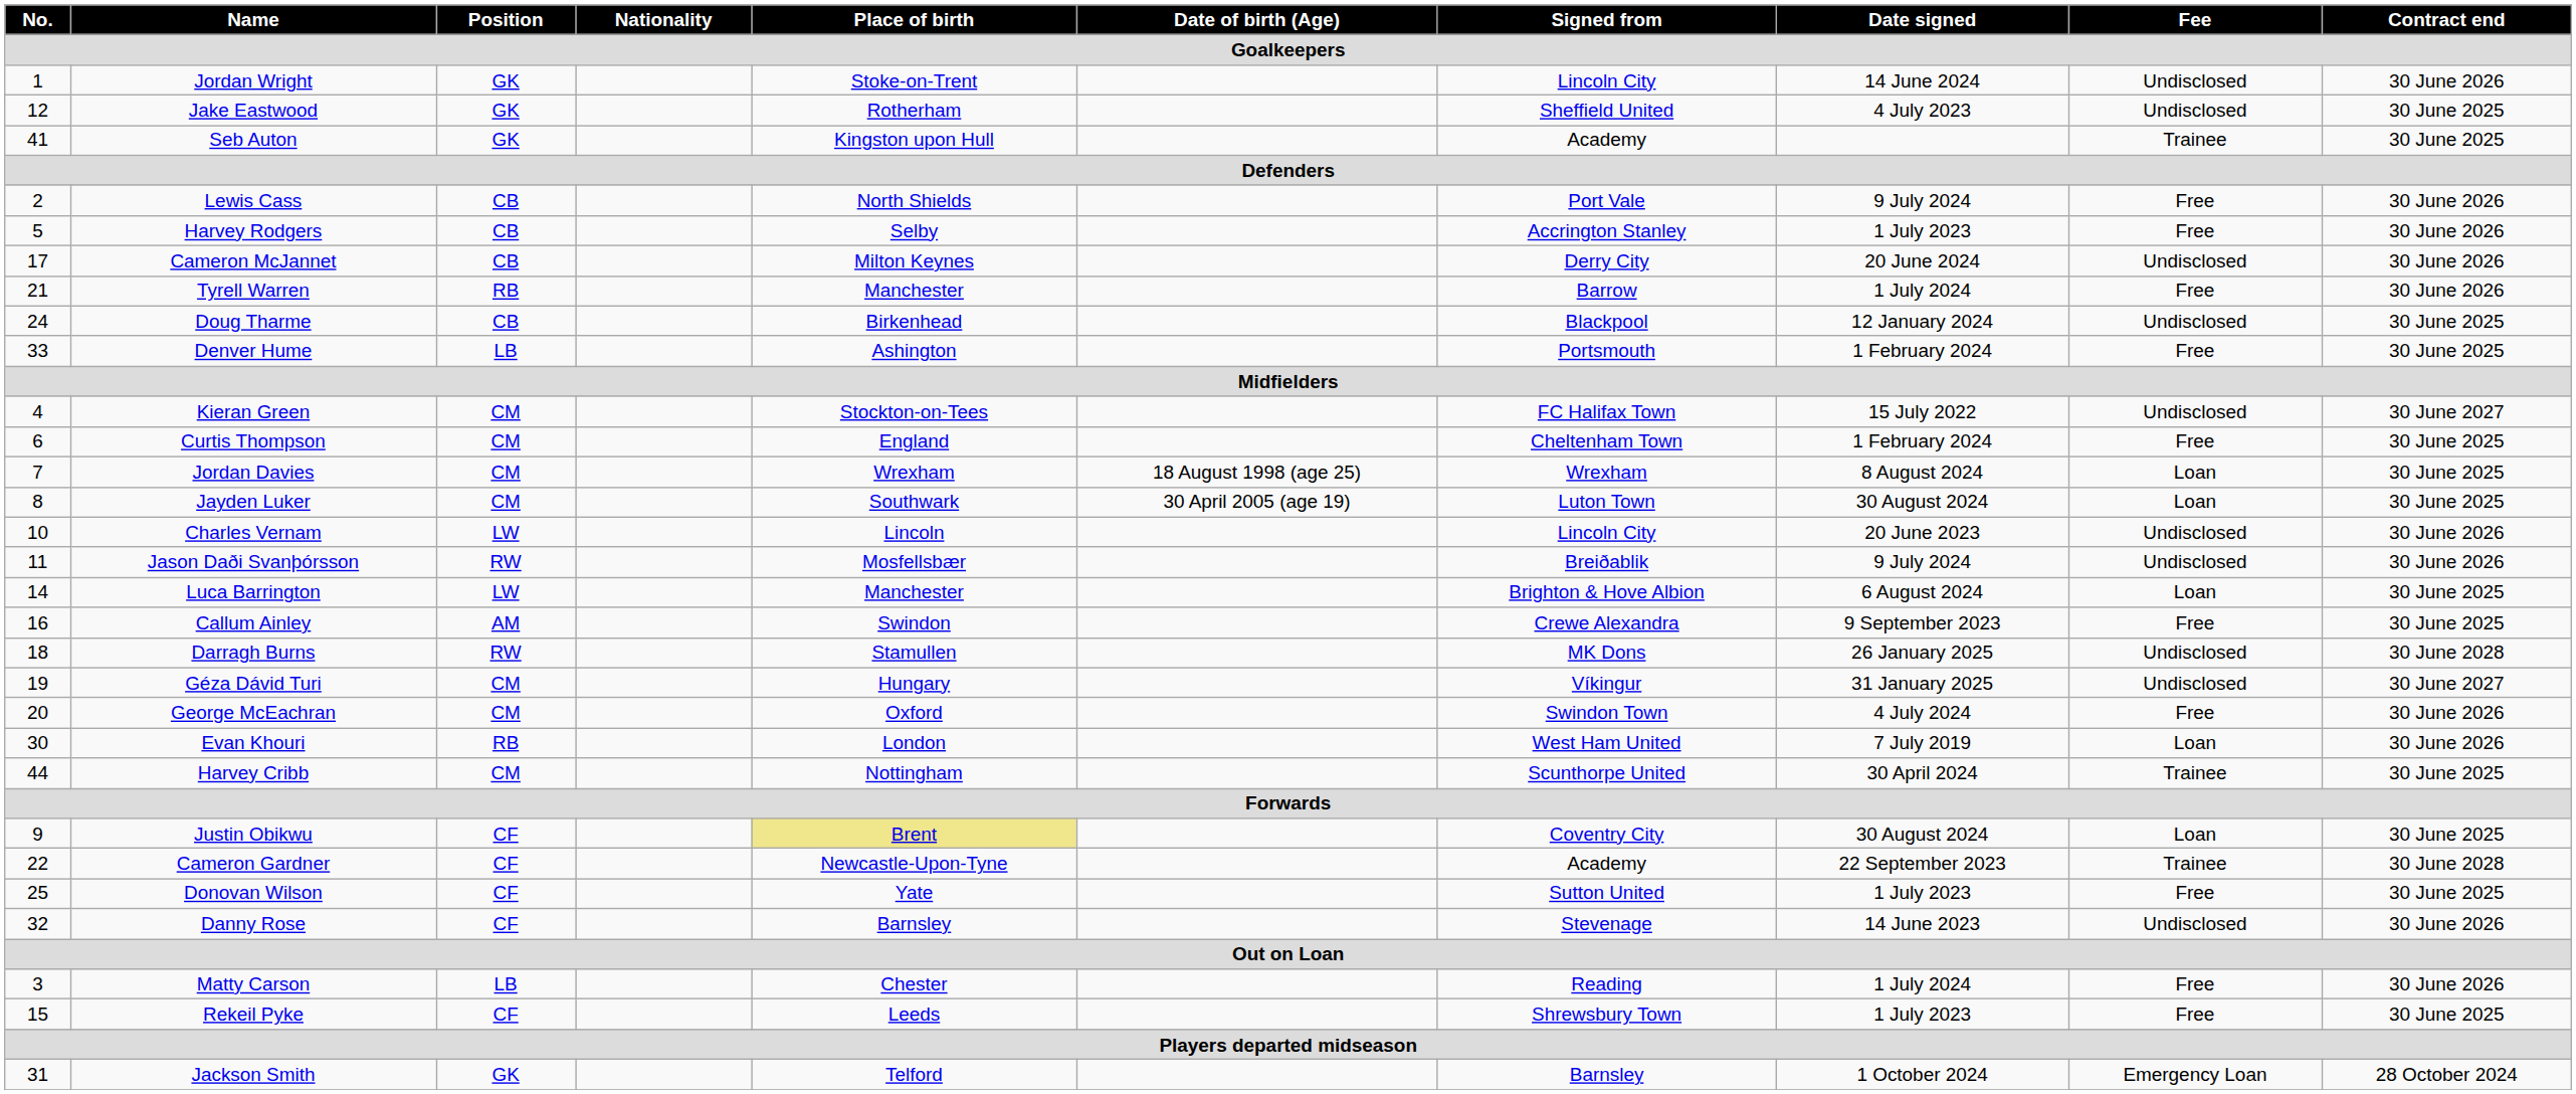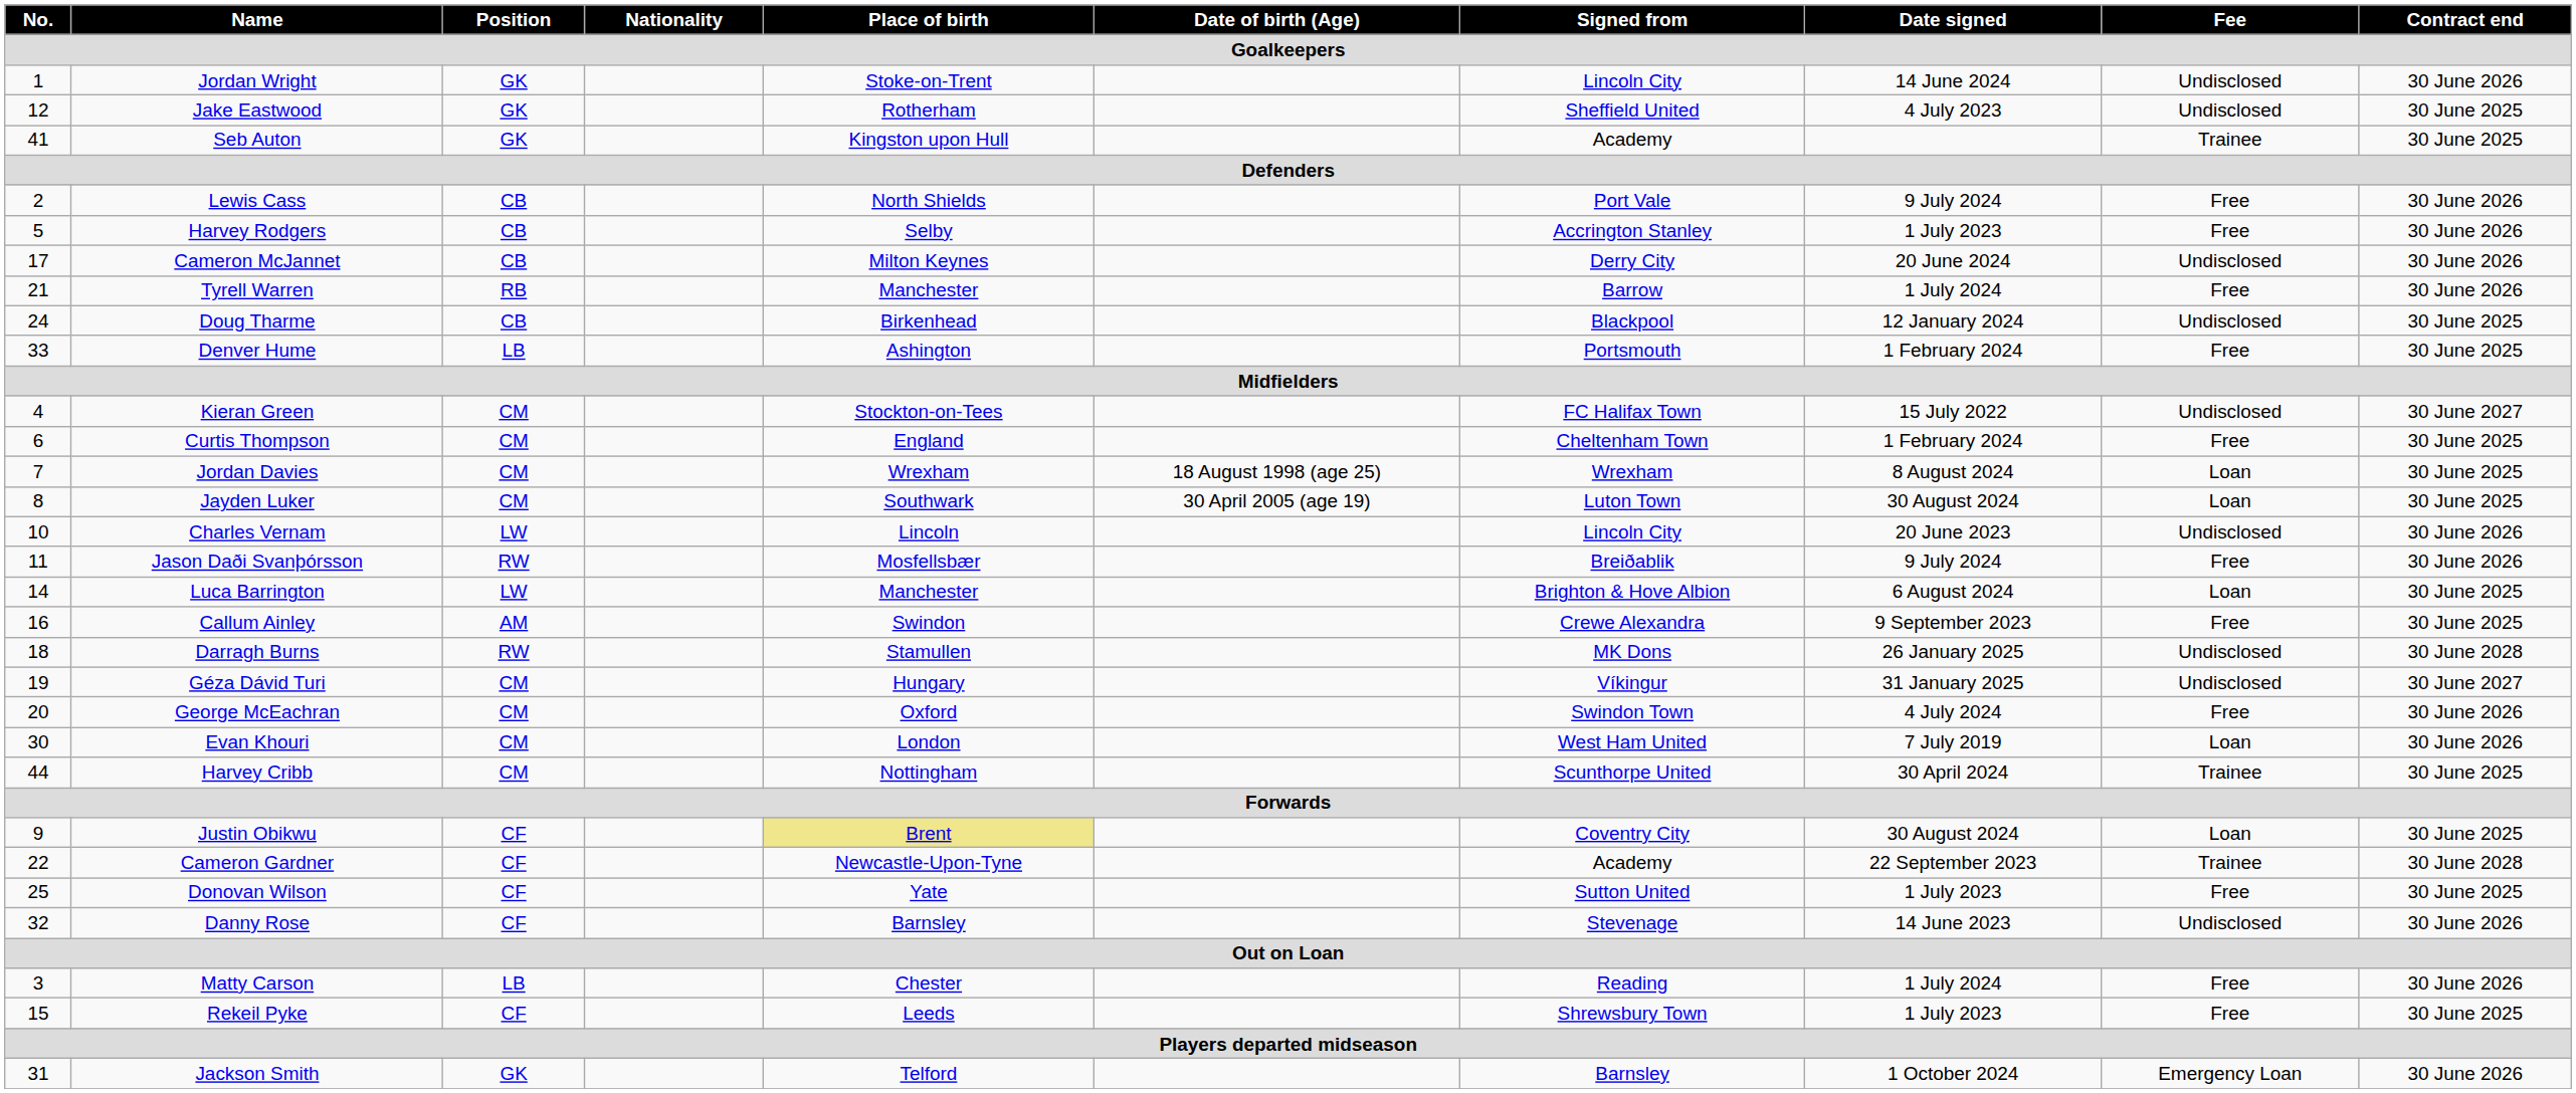 <table class="wikitable" style="text-align:center; font-size:84.5%; width:92%;">
 <tr>
 <th style="background:black; color:#FFFFFF;">No.</th>
 <th style="background:black; color:#FFFFFF;">Name</th>
 <th style="background:black; color:#FFFFFF;">Position</th>
 <th style="background:black; color:#FFFFFF;">Nationality</th>
 <th style="background:black; color:#FFFFFF;">Place of birth</th>
 <th style="background:black; color:#FFFFFF;">Date of birth (Age)</th>
 <th style="background:black; color:#FFFFFF;">Signed from</th>
 <th style="background:black; color:#FFFFFF;">Date signed</th>
 <th style="background:black; color:#FFFFFF;">Fee</th>
 <th style="background:black; color:#FFFFFF;">Contract end</th>
 </tr>
 <tr>
 <th colspan="14" style="background:#dcdcdc; tepxt-align:center;">Goalkeepers</th>
 </tr>
 <tr>
 <td>1</td>
 <td><a href='#'>Jordan Wright</a></td>
 <td><a href='#'>GK</a></td>
 <td></td>
 <td><a href='#'>Stoke-on-Trent</a></td>
 <td></td>
 <td><a href='#'>Lincoln City</a></td>
 <td>14 June 2024</td>
 <td>Undisclosed</td>
 <td>30 June 2026</td>
 </tr>
 <tr>
 <td>12</td>
 <td><a href='#'>Jake Eastwood</a></td>
 <td><a href='#'>GK</a></td>
 <td></td>
 <td><a href='#'>Rotherham</a></td>
 <td></td>
 <td><a href='#'>Sheffield United</a></td>
 <td>4 July 2023</td>
 <td>Undisclosed</td>
 <td>30 June 2025</td>
 </tr>
 <tr>
 <td>41</td>
 <td><a href='#'>Seb Auton</a></td>
 <td><a href='#'>GK</a></td>
 <td></td>
 <td><a href='#'>Kingston upon Hull</a></td>
 <td></td>
 <td>Academy</td>
 <td></td>
 <td>Trainee</td>
 <td>30 June 2025</td>
 </tr>
 <tr>
 <th colspan="14" style="background:#dcdcdc; tepxt-align:center;">Defenders</th>
 </tr>
 <tr>
 <td>2</td>
 <td><a href='#'>Lewis Cass</a></td>
 <td><a href='#'>CB</a></td>
 <td></td>
 <td><a href='#'>North Shields</a></td>
 <td></td>
 <td><a href='#'>Port Vale</a></td>
 <td>9 July 2024</td>
 <td>Free</td>
 <td>30 June 2026</td>
 </tr>
 <tr>
 <td>5</td>
 <td><a href='#'>Harvey Rodgers</a></td>
 <td><a href='#'>CB</a></td>
 <td></td>
 <td><a href='#'>Selby</a></td>
 <td></td>
 <td><a href='#'>Accrington Stanley</a></td>
 <td>1 July 2023</td>
 <td>Free</td>
 <td>30 June 2026</td>
 </tr>
 <tr>
 <td>17</td>
 <td><a href='#'>Cameron McJannet</a></td>
 <td><a href='#'>CB</a></td>
 <td></td>
 <td><a href='#'>Milton Keynes</a></td>
 <td></td>
 <td><a href='#'>Derry City</a></td>
 <td>20 June 2024</td>
 <td>Undisclosed</td>
 <td>30 June 2026</td>
 </tr>
 <tr>
 <td>21</td>
 <td><a href='#'>Tyrell Warren</a></td>
 <td><a href='#'>RB</a></td>
 <td></td>
 <td><a href='#'>Manchester</a></td>
 <td></td>
 <td><a href='#'>Barrow</a></td>
 <td>1 July 2024</td>
 <td>Free</td>
 <td>30 June 2026</td>
 </tr>
 <tr>
 <td>24</td>
 <td><a href='#'>Doug Tharme</a></td>
 <td><a href='#'>CB</a></td>
 <td></td>
 <td><a href='#'>Birkenhead</a></td>
 <td></td>
 <td><a href='#'>Blackpool</a></td>
 <td>12 January 2024</td>
 <td>Undisclosed</td>
 <td>30 June 2025</td>
 </tr>
 <tr>
 <td>33</td>
 <td><a href='#'>Denver Hume</a></td>
 <td><a href='#'>LB</a></td>
 <td></td>
 <td><a href='#'>Ashington</a></td>
 <td></td>
 <td><a href='#'>Portsmouth</a></td>
 <td>1 February 2024</td>
 <td>Free</td>
 <td>30 June 2025</td>
 </tr>
 <tr>
 <th colspan="14" style="background:#dcdcdc; tepxt-align:center;">Midfielders</th>
 </tr>
 <tr>
 <td>4</td>
 <td><a href='#'>Kieran Green</a></td>
 <td><a href='#'>CM</a></td>
 <td></td>
 <td><a href='#'>Stockton-on-Tees</a></td>
 <td></td>
 <td><a href='#'>FC Halifax Town</a></td>
 <td>15 July 2022</td>
 <td>Undisclosed</td>
 <td>30 June 2027</td>
 </tr>
 <tr>
 <td>6</td>
 <td><a href='#'>Curtis Thompson</a></td>
 <td><a href='#'>CM</a></td>
 <td></td>
 <td><a href='#'>England</a></td>
 <td></td>
 <td><a href='#'>Cheltenham Town</a></td>
 <td>1 February 2024</td>
 <td>Free</td>
 <td>30 June 2025</td>
 </tr>
 <tr>
 <td>7</td>
 <td><a href='#'>Jordan Davies</a></td>
 <td><a href='#'>CM</a></td>
 <td></td>
 <td><a href='#'>Wrexham</a></td>
 <td>18 August 1998 (age 25)</td>
 <td><a href='#'>Wrexham</a></td>
 <td>8 August 2024</td>
 <td>Loan</td>
 <td>30 June 2025</td>
 </tr>
 <tr>
 <td>8</td>
 <td><a href='#'>Jayden Luker</a></td>
 <td><a href='#'>CM</a></td>
 <td></td>
 <td><a href='#'>Southwark</a></td>
 <td>30 April 2005 (age 19)</td>
 <td><a href='#'>Luton Town</a></td>
 <td>30 August 2024</td>
 <td>Loan</td>
 <td>30 June 2025</td>
 </tr>
 <tr>
 <td>10</td>
 <td><a href='#'>Charles Vernam</a></td>
 <td><a href='#'>LW</a></td>
 <td></td>
 <td><a href='#'>Lincoln</a></td>
 <td></td>
 <td><a href='#'>Lincoln City</a></td>
 <td>20 June 2023</td>
 <td>Undisclosed</td>
 <td>30 June 2026</td>
 </tr>
 <tr>
 <td>11</td>
 <td><a href='#'>Jason Daði Svanþórsson</a></td>
 <td><a href='#'>RW</a></td>
 <td></td>
 <td><a href='#'>Mosfellsbær</a></td>
 <td></td>
 <td><a href='#'>Breiðablik</a></td>
 <td>9 July 2024</td>
-<td>Undisclosed</td>
+<td>Free</td>
 <td>30 June 2026</td>
 </tr>
 <tr>
 <td>14</td>
 <td><a href='#'>Luca Barrington</a></td>
 <td><a href='#'>LW</a></td>
 <td></td>
 <td><a href='#'>Manchester</a></td>
 <td></td>
 <td><a href='#'>Brighton & Hove Albion</a></td>
 <td>6 August 2024</td>
 <td>Loan</td>
 <td>30 June 2025</td>
 </tr>
 <tr>
 <td>16</td>
 <td><a href='#'>Callum Ainley</a></td>
 <td><a href='#'>AM</a></td>
 <td></td>
 <td><a href='#'>Swindon</a></td>
 <td></td>
 <td><a href='#'>Crewe Alexandra</a></td>
 <td>9 September 2023</td>
 <td>Free</td>
 <td>30 June 2025</td>
 </tr>
 <tr>
 <td>18</td>
 <td><a href='#'>Darragh Burns</a></td>
 <td><a href='#'>RW</a></td>
 <td></td>
 <td><a href='#'>Stamullen</a></td>
 <td></td>
 <td><a href='#'>MK Dons</a></td>
 <td>26 January 2025</td>
 <td>Undisclosed</td>
 <td>30 June 2028</td>
 </tr>
 <tr>
 <td>19</td>
 <td><a href='#'>Géza Dávid Turi</a></td>
 <td><a href='#'>CM</a></td>
 <td></td>
 <td><a href='#'>Hungary</a></td>
 <td></td>
 <td><a href='#'>Víkingur</a></td>
 <td>31 January 2025</td>
 <td>Undisclosed</td>
 <td>30 June 2027</td>
 </tr>
 <tr>
 <td>20</td>
 <td><a href='#'>George McEachran</a></td>
 <td><a href='#'>CM</a></td>
 <td></td>
 <td><a href='#'>Oxford</a></td>
 <td></td>
 <td><a href='#'>Swindon Town</a></td>
 <td>4 July 2024</td>
 <td>Free</td>
 <td>30 June 2026</td>
 </tr>
 <tr>
 <td>30</td>
 <td><a href='#'>Evan Khouri</a></td>
-<td><a href='#'>RB</a></td>
+<td><a href='#'>CM</a></td>
 <td></td>
 <td><a href='#'>London</a></td>
 <td></td>
 <td><a href='#'>West Ham United</a></td>
 <td>7 July 2019</td>
 <td>Loan</td>
 <td>30 June 2026</td>
 </tr>
 <tr>
 <td>44</td>
 <td><a href='#'>Harvey Cribb</a></td>
 <td><a href='#'>CM</a></td>
 <td></td>
 <td><a href='#'>Nottingham</a></td>
 <td></td>
 <td><a href='#'>Scunthorpe United</a></td>
 <td>30 April 2024</td>
 <td>Trainee</td>
 <td>30 June 2025</td>
 </tr>
 <tr>
 <th colspan="14" style="background:#dcdcdc; tepxt-align:center;">Forwards</th>
 </tr>
 <tr>
 <td>9</td>
 <td><a href='#'>Justin Obikwu</a></td>
 <td><a href='#'>CF</a></td>
 <td></td>
 <td style="background: khaki;"><a href='#'>Brent</a></td>
 <td></td>
 <td><a href='#'>Coventry City</a></td>
 <td>30 August 2024</td>
 <td>Loan</td>
 <td>30 June 2025</td>
 </tr>
 <tr>
 <td>22</td>
 <td><a href='#'>Cameron Gardner</a></td>
 <td><a href='#'>CF</a></td>
 <td></td>
 <td><a href='#'>Newcastle-Upon-Tyne</a></td>
 <td></td>
 <td>Academy</td>
 <td>22 September 2023</td>
 <td>Trainee</td>
 <td>30 June 2028</td>
 </tr>
 <tr>
 <td>25</td>
 <td><a href='#'>Donovan Wilson</a></td>
 <td><a href='#'>CF</a></td>
 <td></td>
 <td><a href='#'>Yate</a></td>
 <td></td>
 <td><a href='#'>Sutton United</a></td>
 <td>1 July 2023</td>
 <td>Free</td>
 <td>30 June 2025</td>
 </tr>
 <tr>
 <td>32</td>
 <td><a href='#'>Danny Rose</a></td>
 <td><a href='#'>CF</a></td>
 <td></td>
 <td><a href='#'>Barnsley</a></td>
 <td></td>
 <td><a href='#'>Stevenage</a></td>
 <td>14 June 2023</td>
 <td>Undisclosed</td>
 <td>30 June 2026</td>
 </tr>
 <tr>
 <th colspan="14" style="background:#dcdcdc; tepxt-align:center;">Out on Loan</th>
 </tr>
 <tr>
 <td>3</td>
 <td><a href='#'>Matty Carson</a></td>
 <td><a href='#'>LB</a></td>
 <td></td>
 <td><a href='#'>Chester</a></td>
 <td></td>
 <td><a href='#'>Reading</a></td>
 <td>1 July 2024</td>
 <td>Free</td>
 <td>30 June 2026</td>
 </tr>
 <tr>
 <td>15</td>
 <td><a href='#'>Rekeil Pyke</a></td>
 <td><a href='#'>CF</a></td>
 <td></td>
 <td><a href='#'>Leeds</a></td>
 <td></td>
 <td><a href='#'>Shrewsbury Town</a></td>
 <td>1 July 2023</td>
 <td>Free</td>
 <td>30 June 2025</td>
 </tr>
 <tr>
 <th colspan="14" style="background:#dcdcdc; tepxt-align:center;">Players departed midseason</th>
 </tr>
 <tr>
 <td>31</td>
 <td><a href='#'>Jackson Smith</a></td>
 <td><a href='#'>GK</a></td>
 <td></td>
 <td><a href='#'>Telford</a></td>
 <td></td>
 <td><a href='#'>Barnsley</a></td>
 <td>1 October 2024</td>
 <td>Emergency Loan</td>
-<td>28 October 2024</td>
+<td>30 June 2026</td>
 </tr>
 <tr>
 </tr>
 </table>
